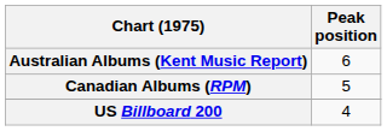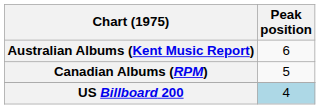 <table class="wikitable sortable plainrowheaders">
 <tr>
 <th>Chart (1975)</th>
 <th>Peak<br>position</th>
 </tr>
 <tr>
 <th scope="row">Australian Albums (<a href='#'>Kent Music Report</a>)</th>
 <td style="text-align:center">6</td>
 </tr>
 <tr>
 <th scope="row">Canadian Albums (<a href='#'><em>RPM</em></a>)</th>
 <td style="text-align:center">5</td>
 </tr>
 <tr>
 </tr>
 <tr>
 </tr>
 <tr>
 </tr>
 <tr>
 <th scope="row">US <a href='#'><em>Billboard</em> 200</a></th>
-<td style="text-align:center">4</td>
+<td style="background: lightblue; text-align:center">4</td>
 </tr>
 </table>
